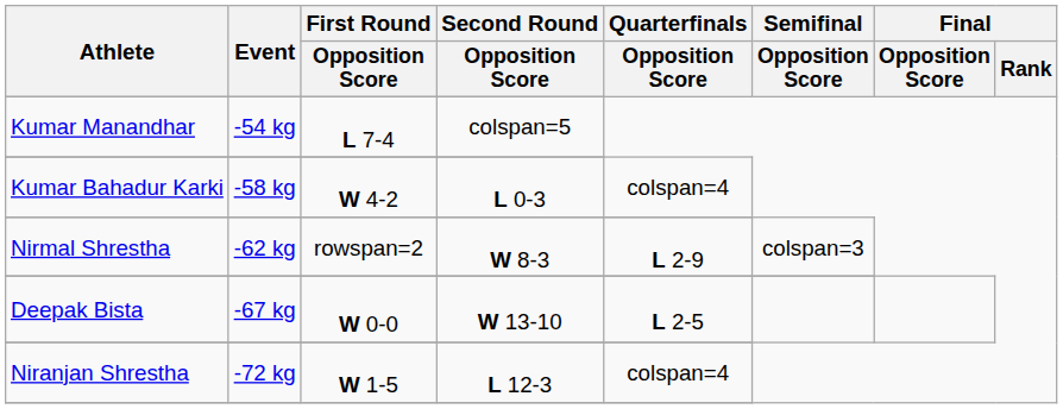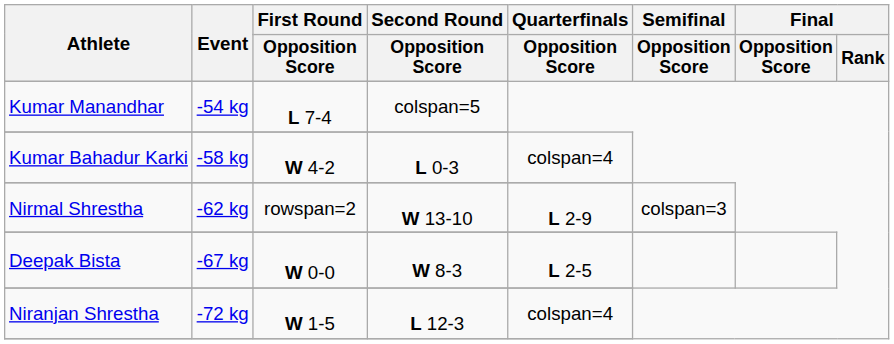 <table class=wikitable style=font-size:90%;text-align:center>
 <tr>
 <th rowspan=2>Athlete</th>
 <th rowspan=2>Event</th>
 <th>First Round</th>
 <th>Second Round</th>
 <th>Quarterfinals</th>
 <th>Semifinal</th>
 <th colspan=2>Final</th>
 </tr>
 <tr style=font-size:95%>
 <th>Opposition<br>Score</th>
 <th>Opposition<br>Score</th>
 <th>Opposition<br>Score</th>
 <th>Opposition<br>Score</th>
 <th>Opposition<br>Score</th>
 <th>Rank</th>
 </tr>
 <tr>
 </tr>
 <tr align=center>
 <td align=left><a href='#'>Kumar Manandhar</a></td>
 <td><a href='#'>-54 kg</a></td>
 <td align=center> <br> <strong>L</strong> 7-4</td>
 <td>colspan=5 </td>
 </tr>
 <tr>
 </tr>
 <tr align=center>
 <td align=left><a href='#'>Kumar Bahadur Karki</a></td>
 <td><a href='#'>-58 kg</a></td>
 <td align=center> <br> <strong>W</strong> 4-2</td>
 <td align=center> <br> <strong>L</strong> 0-3</td>
 <td>colspan=4 </td>
 </tr>
 <tr>
 </tr>
 <tr align=center>
 <td align=left><a href='#'>Nirmal Shrestha</a></td>
 <td><a href='#'>-62 kg</a></td>
 <td>rowspan=2 </td>
-<td align=center> <br> <strong>W</strong> 8-3</td>
+<td align=center> <br> <strong>W</strong> 13-10</td>
 <td align=center> <br> <strong>L</strong> 2-9</td>
 <td>colspan=3 </td>
 </tr>
 <tr>
 </tr>
 <tr align=center>
 <td align=left><a href='#'>Deepak Bista</a></td>
 <td><a href='#'>-67 kg</a></td>
 <td align=center> <br> <strong>W</strong> 0<sup><strong></strong></sup>-0</td>
-<td align=center> <br> <strong>W</strong> 13-10</td>
+<td align=center> <br> <strong>W</strong> 8-3</td>
 <td align=center> <br> <strong>L</strong> 2-5</td>
 <td></td>
 <td></td>
 </tr>
 <tr>
 </tr>
 <tr align-center>
 <td align=left><a href='#'>Niranjan Shrestha</a></td>
 <td><a href='#'>-72 kg</a></td>
 <td align=center> <br> <strong>W</strong> 1-5</td>
 <td align=center> <br> <strong>L</strong> 12-3</td>
 <td>colspan=4 </td>
 </tr>
 <tr>
 </tr>
 </table>
